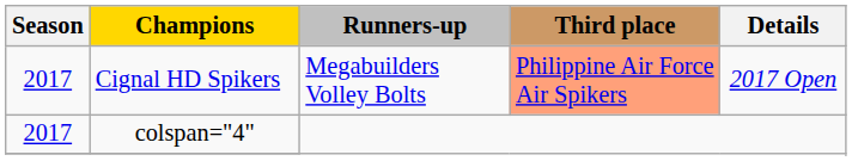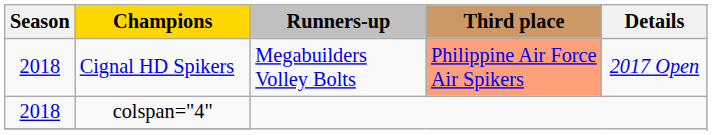 <table class=wikitable style="border-collapse: collapse; font-size:90%; text-align: center" width=80%>
 <tr>
 <th width=10%>Season</th>
 <th width=25% style="background:gold">Champions</th>
 <th width=25% style="background:silver">Runners-up</th>
 <th width=25% style="background:#cc9966">Third place</th>
 <th width=15%>Details</th>
 </tr>
 <tr>
-<td><a href='#'>2017</a></td>
+<td><a href='#'>2018</a></td>
 <td style="text-align:left"><a href='#'>Cignal HD Spikers</a></td>
 <td style="text-align:left"><a href='#'>Megabuilders Volley Bolts</a></td>
 <td style="background: lightsalmon; text-align:left"><a href='#'>Philippine Air Force Air Spikers</a></td>
 <td><a href='#'><em>2017 Open</em></a></td>
 </tr>
 <tr>
-<td><a href='#'>2017</a></td>
+<td><a href='#'>2018</a></td>
 <td>colspan="4"</td>
 </tr>
 <tr>
 </tr>
 </table>
